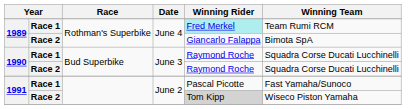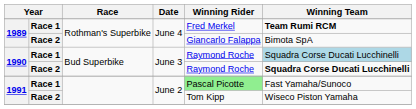 <table class="wikitable" style="font-size: 90%">
 <tr>
 <th colspan=2>Year</th>
 <th>Race</th>
 <th>Date</th>
 <th>Winning Rider</th>
 <th>Winning Team</th>
 </tr>
 <tr>
 </tr>
 <tr>
 <th rowspan=2><a href='#'>1989</a></th>
 <th>Race 1</th>
 <td rowspan=2>Rothman's Superbike</td>
 <td rowspan=2>June 4</td>
-<td style="background: paleturquoise;"> <a href='#'>Fred Merkel</a></td>
-<td>Team Rumi RCM</td>
+<td> <a href='#'>Fred Merkel</a></td>
+<td><strong>Team Rumi RCM</strong></td>
 </tr>
 <tr>
 <th>Race 2</th>
 <td> <a href='#'>Giancarlo Falappa</a></td>
 <td>Bimota SpA</td>
 </tr>
 <tr>
 <th rowspan=2><a href='#'>1990</a></th>
 <th>Race 1</th>
 <td rowspan=2>Bud Superbike</td>
 <td rowspan=2>June 3</td>
 <td> <a href='#'>Raymond Roche</a></td>
-<td>Squadra Corse Ducati Lucchinelli</td>
+<td style="background: lightblue;">Squadra Corse Ducati Lucchinelli</td>
 </tr>
 <tr>
 <th>Race 2</th>
 <td> <a href='#'>Raymond Roche</a></td>
-<td>Squadra Corse Ducati Lucchinelli</td>
+<td><strong>Squadra Corse Ducati Lucchinelli</strong></td>
 </tr>
 <tr>
 </tr>
 <tr>
 <th rowspan=2><a href='#'>1991</a></th>
 <th>Race 1</th>
 <td rowspan=2></td>
 <td rowspan=2>June 2</td>
-<td> Pascal Picotte</td>
+<td style="background: lightgreen;"> Pascal Picotte</td>
 <td>Fast Yamaha/Sunoco</td>
 </tr>
 <tr>
 <th>Race 2</th>
-<td style="background: lightgrey;"> Tom Kipp</td>
+<td> Tom Kipp</td>
 <td>Wiseco Piston Yamaha</td>
 </tr>
 <tr>
 </tr>
 </table>
